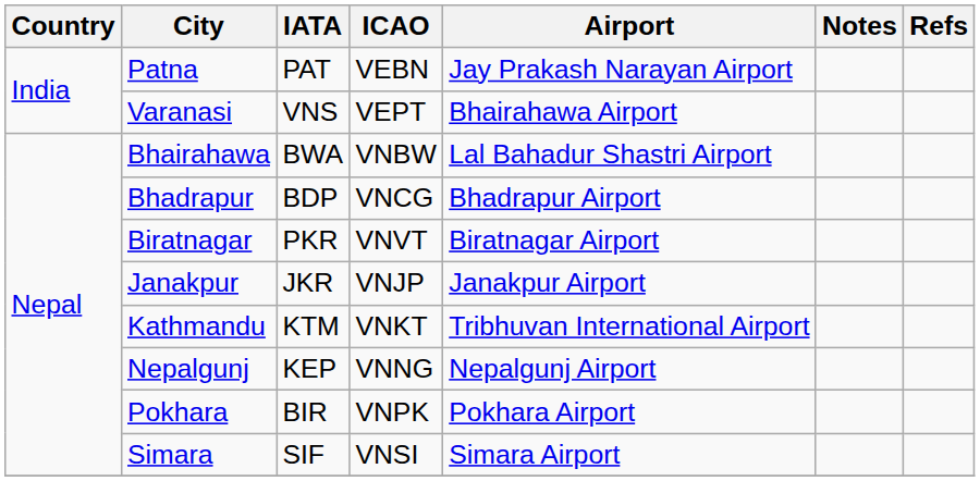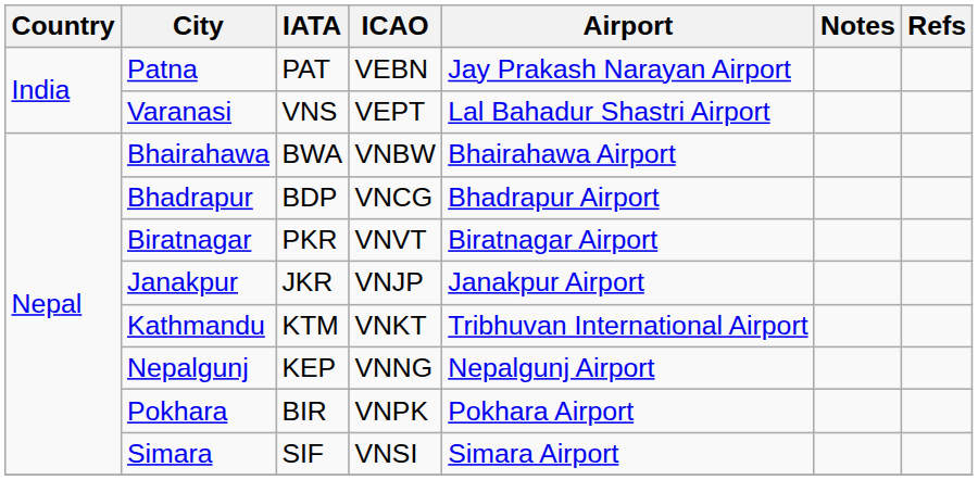 <table class="wikitable sortable">
 <tr>
 <th>Country</th>
 <th>City</th>
 <th>IATA</th>
 <th>ICAO</th>
 <th>Airport</th>
 <th>Notes</th>
 <th class="unsortable">Refs</th>
 </tr>
 <tr>
 <td rowspan="2"><a href='#'>India</a></td>
 <td><a href='#'>Patna</a></td>
 <td>PAT</td>
 <td>VEBN</td>
 <td><a href='#'>Jay Prakash Narayan Airport</a></td>
 <td></td>
 <td></td>
 </tr>
 <tr>
 <td><a href='#'>Varanasi</a></td>
 <td>VNS</td>
 <td>VEPT</td>
-<td><a href='#'>Bhairahawa Airport</a></td>
+<td><a href='#'>Lal Bahadur Shastri Airport</a></td>
 <td></td>
 <td></td>
 </tr>
 <tr>
 <td rowspan="8"><a href='#'>Nepal</a></td>
 <td><a href='#'>Bhairahawa</a></td>
 <td>BWA</td>
 <td>VNBW</td>
-<td><a href='#'>Lal Bahadur Shastri Airport</a></td>
+<td><a href='#'>Bhairahawa Airport</a></td>
 <td></td>
 <td></td>
 </tr>
 <tr>
 <td><a href='#'>Bhadrapur</a></td>
 <td>BDP</td>
 <td>VNCG</td>
 <td><a href='#'>Bhadrapur Airport</a></td>
 <td></td>
 <td></td>
 </tr>
 <tr>
 <td><a href='#'>Biratnagar</a></td>
 <td>PKR</td>
 <td>VNVT</td>
 <td><a href='#'>Biratnagar Airport</a></td>
 <td></td>
 <td></td>
 </tr>
 <tr>
 <td><a href='#'>Janakpur</a></td>
 <td>JKR</td>
 <td>VNJP</td>
 <td><a href='#'>Janakpur Airport</a></td>
 <td></td>
 <td></td>
 </tr>
 <tr>
 <td><a href='#'>Kathmandu</a></td>
 <td>KTM</td>
 <td>VNKT</td>
 <td><a href='#'>Tribhuvan International Airport</a></td>
 <td></td>
 <td></td>
 </tr>
 <tr>
 <td><a href='#'>Nepalgunj</a></td>
 <td>KEP</td>
 <td>VNNG</td>
 <td><a href='#'>Nepalgunj Airport</a></td>
 <td></td>
 <td></td>
 </tr>
 <tr>
 <td><a href='#'>Pokhara</a></td>
 <td>BIR</td>
 <td>VNPK</td>
 <td><a href='#'>Pokhara Airport</a></td>
 <td></td>
 <td></td>
 </tr>
 <tr>
 <td><a href='#'>Simara</a></td>
 <td>SIF</td>
 <td>VNSI</td>
 <td><a href='#'>Simara Airport</a></td>
 <td></td>
 <td></td>
 </tr>
 <tr>
 </tr>
 </table>
